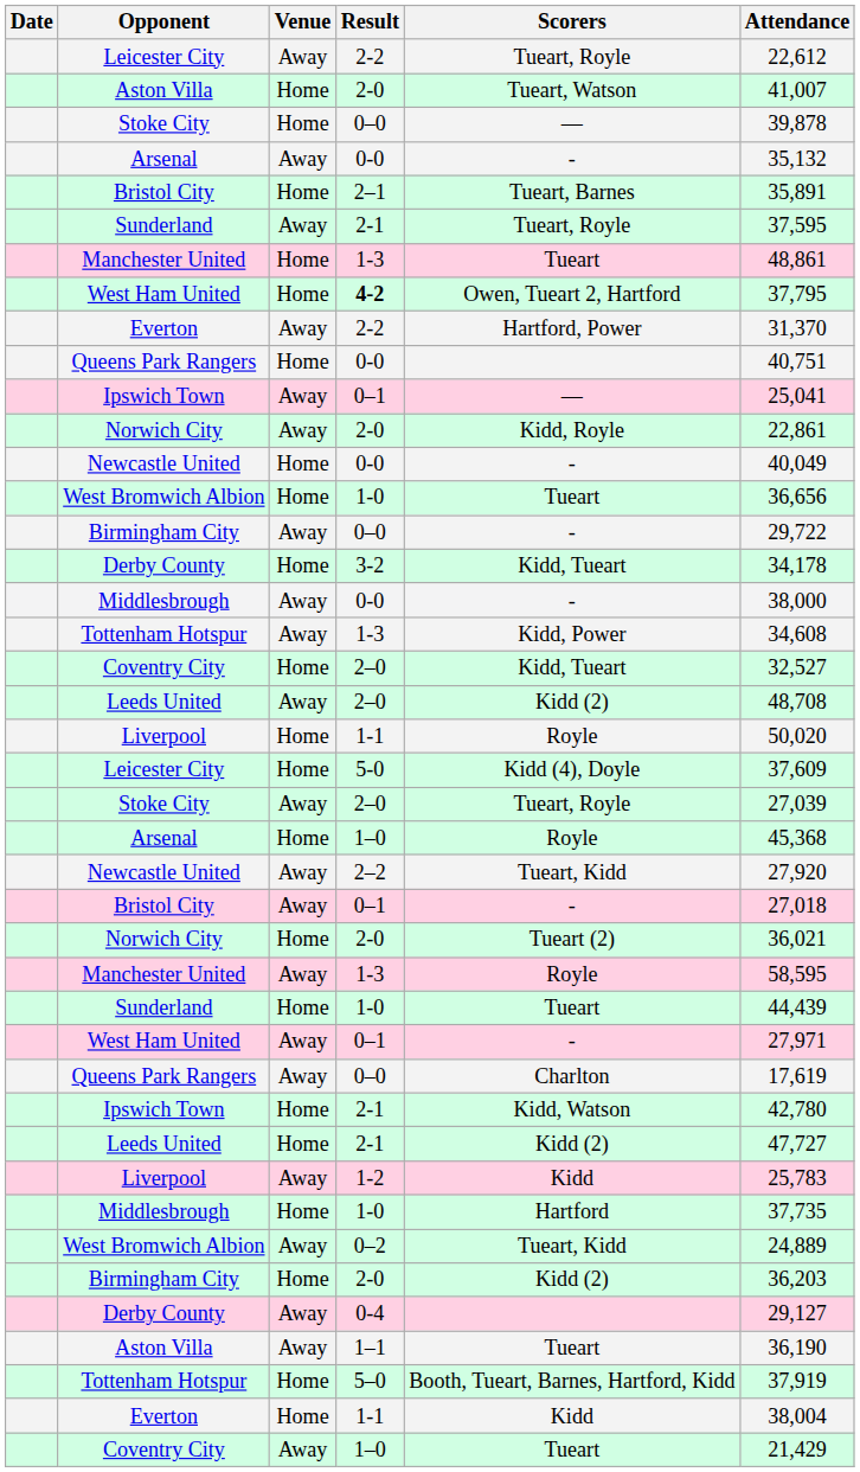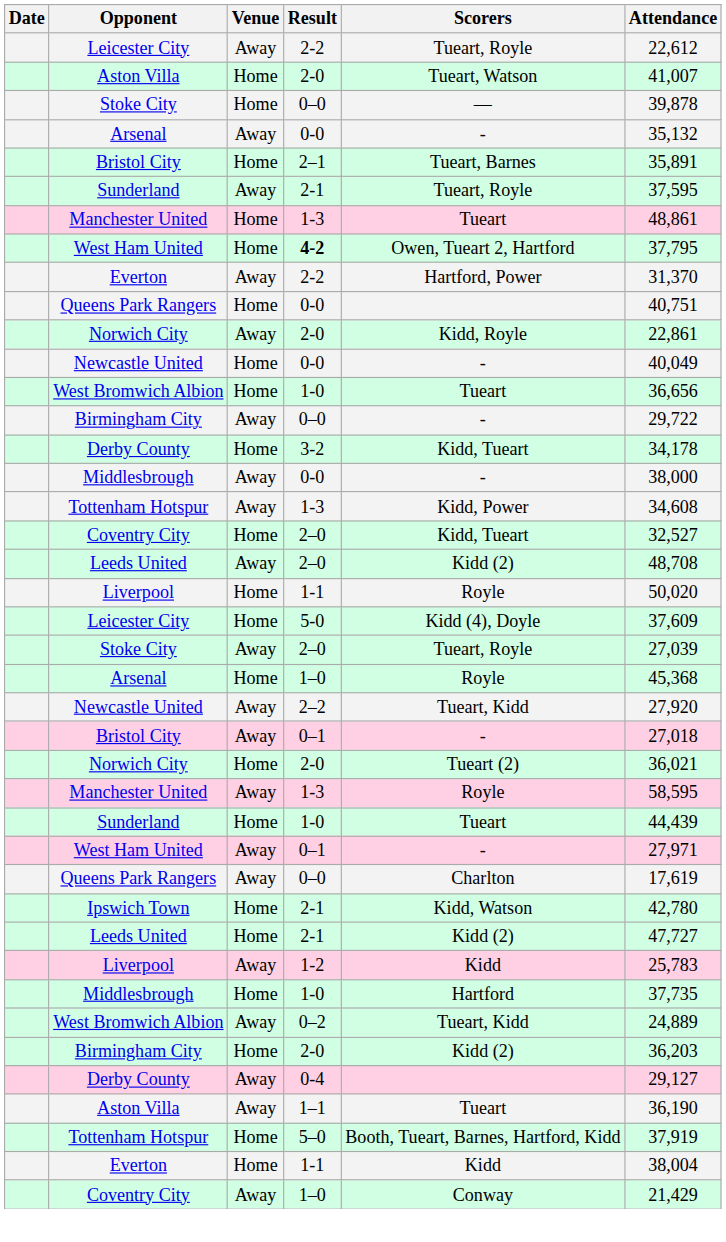 <table class="wikitable sortable" style="text-align:center;">
 <tr>
 <th>Date</th>
 <th>Opponent</th>
 <th>Venue</th>
 <th>Result</th>
 <th class=unsortable>Scorers</th>
 <th>Attendance</th>
 </tr>
 <tr bgcolor="#f3f3f3">
 <td></td>
 <td><a href='#'>Leicester City</a></td>
 <td>Away</td>
 <td>2-2</td>
 <td>Tueart, Royle</td>
 <td>22,612</td>
 </tr>
 <tr bgcolor="#d0ffe3">
 <td></td>
 <td><a href='#'>Aston Villa</a></td>
 <td>Home</td>
 <td>2-0</td>
 <td>Tueart, Watson</td>
 <td>41,007</td>
 </tr>
 <tr bgcolor="#f3f3f3">
 <td></td>
 <td><a href='#'>Stoke City</a></td>
 <td>Home</td>
 <td>0–0</td>
 <td>—</td>
 <td>39,878</td>
 </tr>
 <tr bgcolor="#f3f3f3">
 <td></td>
 <td><a href='#'>Arsenal</a></td>
 <td>Away</td>
 <td>0-0</td>
 <td>-</td>
 <td>35,132</td>
 </tr>
 <tr bgcolor="#d0ffe3">
 <td></td>
 <td><a href='#'>Bristol City</a></td>
 <td>Home</td>
 <td>2–1</td>
 <td>Tueart, Barnes</td>
 <td>35,891</td>
 </tr>
 <tr bgcolor="#d0ffe3">
 <td></td>
 <td><a href='#'>Sunderland</a></td>
 <td>Away</td>
 <td>2-1</td>
 <td>Tueart, Royle</td>
 <td>37,595</td>
 </tr>
 <tr bgcolor="#ffd0e3">
 <td></td>
 <td><a href='#'>Manchester United</a></td>
 <td>Home</td>
 <td>1-3</td>
 <td>Tueart</td>
 <td>48,861</td>
 </tr>
 <tr bgcolor="#d0ffe3">
 <td></td>
 <td><a href='#'>West Ham United</a></td>
 <td>Home</td>
 <td><strong>4-2</strong></td>
 <td>Owen, Tueart 2, Hartford</td>
 <td>37,795</td>
 </tr>
 <tr bgcolor="#f3f3f3">
 <td></td>
 <td><a href='#'>Everton</a></td>
 <td>Away</td>
 <td>2-2</td>
 <td>Hartford, Power</td>
 <td>31,370</td>
 </tr>
 <tr bgcolor="#f3f3f3">
 <td></td>
 <td><a href='#'>Queens Park Rangers</a></td>
 <td>Home</td>
 <td>0-0</td>
 <td></td>
 <td>40,751</td>
-</tr>
-<tr bgcolor="#ffd0e3">
-<td></td>
-<td><a href='#'>Ipswich Town</a></td>
-<td>Away</td>
-<td>0–1</td>
-<td>—</td>
-<td>25,041</td>
 </tr>
 <tr bgcolor="#d0ffe3">
 <td></td>
 <td><a href='#'>Norwich City</a></td>
 <td>Away</td>
 <td>2-0</td>
 <td>Kidd, Royle</td>
 <td>22,861</td>
 </tr>
 <tr bgcolor="#f3f3f3">
 <td></td>
 <td><a href='#'>Newcastle United</a></td>
 <td>Home</td>
 <td>0-0</td>
 <td>-</td>
 <td>40,049</td>
 </tr>
 <tr bgcolor="#d0ffe3">
 <td></td>
 <td><a href='#'>West Bromwich Albion</a></td>
 <td>Home</td>
 <td>1-0</td>
 <td>Tueart</td>
 <td>36,656</td>
 </tr>
 <tr bgcolor="#f3f3f3">
 <td></td>
 <td><a href='#'>Birmingham City</a></td>
 <td>Away</td>
 <td>0–0</td>
 <td>-</td>
 <td>29,722</td>
 </tr>
 <tr bgcolor="#d0ffe3">
 <td></td>
 <td><a href='#'>Derby County</a></td>
 <td>Home</td>
 <td>3-2</td>
 <td>Kidd, Tueart</td>
 <td>34,178</td>
 </tr>
 <tr bgcolor="#f3f3f4">
 <td></td>
 <td><a href='#'>Middlesbrough</a></td>
 <td>Away</td>
 <td>0-0</td>
 <td>-</td>
 <td>38,000</td>
 </tr>
 <tr bgcolor="#f3f3f3">
 <td></td>
 <td><a href='#'>Tottenham Hotspur</a></td>
 <td>Away</td>
 <td>1-3</td>
 <td>Kidd, Power</td>
 <td>34,608</td>
 </tr>
 <tr bgcolor="#d0ffe3">
 <td></td>
 <td><a href='#'>Coventry City</a></td>
 <td>Home</td>
 <td>2–0</td>
 <td>Kidd, Tueart</td>
 <td>32,527</td>
 </tr>
 <tr bgcolor="#d0ffe3">
 <td></td>
 <td><a href='#'>Leeds United</a></td>
 <td>Away</td>
 <td>2–0</td>
 <td>Kidd (2)</td>
 <td>48,708</td>
 </tr>
 <tr bgcolor="#f3f3f3">
 <td></td>
 <td><a href='#'>Liverpool</a></td>
 <td>Home</td>
 <td>1-1</td>
 <td>Royle</td>
 <td>50,020</td>
 </tr>
 <tr bgcolor="#d0ffe3">
 <td></td>
 <td><a href='#'>Leicester City</a></td>
 <td>Home</td>
 <td>5-0</td>
 <td>Kidd (4), Doyle</td>
 <td>37,609</td>
 </tr>
 <tr bgcolor="#d0ffe3">
 <td></td>
 <td><a href='#'>Stoke City</a></td>
 <td>Away</td>
 <td>2–0</td>
 <td>Tueart, Royle</td>
 <td>27,039</td>
 </tr>
 <tr bgcolor="#d0ffe3">
 <td></td>
 <td><a href='#'>Arsenal</a></td>
 <td>Home</td>
 <td>1–0</td>
 <td>Royle</td>
 <td>45,368</td>
 </tr>
 <tr bgcolor="#f3f3f3">
 <td></td>
 <td><a href='#'>Newcastle United</a></td>
 <td>Away</td>
 <td>2–2</td>
 <td>Tueart, Kidd</td>
 <td>27,920</td>
 </tr>
 <tr bgcolor="#ffd0e3">
 <td></td>
 <td><a href='#'>Bristol City</a></td>
 <td>Away</td>
 <td>0–1</td>
 <td>-</td>
 <td>27,018</td>
 </tr>
 <tr bgcolor="#d0ffe3">
 <td></td>
 <td><a href='#'>Norwich City</a></td>
 <td>Home</td>
 <td>2-0</td>
 <td>Tueart (2)</td>
 <td>36,021</td>
 </tr>
 <tr bgcolor="#ffd0e3">
 <td></td>
 <td><a href='#'>Manchester United</a></td>
 <td>Away</td>
 <td>1-3</td>
 <td>Royle</td>
 <td>58,595</td>
 </tr>
 <tr bgcolor="#d0ffe3">
 <td></td>
 <td><a href='#'>Sunderland</a></td>
 <td>Home</td>
 <td>1-0</td>
 <td>Tueart</td>
 <td>44,439</td>
 </tr>
 <tr bgcolor="#ffd0e3">
 <td></td>
 <td><a href='#'>West Ham United</a></td>
 <td>Away</td>
 <td>0–1</td>
 <td>-</td>
 <td>27,971</td>
 </tr>
 <tr bgcolor="#f3f3f3">
 <td></td>
 <td><a href='#'>Queens Park Rangers</a></td>
 <td>Away</td>
 <td>0–0</td>
 <td>Charlton</td>
 <td>17,619</td>
 </tr>
 <tr bgcolor="#d0ffe3">
 <td></td>
 <td><a href='#'>Ipswich Town</a></td>
 <td>Home</td>
 <td>2-1</td>
 <td>Kidd, Watson</td>
 <td>42,780</td>
 </tr>
 <tr bgcolor="#d0ffe3">
 <td></td>
 <td><a href='#'>Leeds United</a></td>
 <td>Home</td>
 <td>2-1</td>
 <td>Kidd (2)</td>
 <td>47,727</td>
 </tr>
 <tr bgcolor="#ffd0e3">
 <td></td>
 <td><a href='#'>Liverpool</a></td>
 <td>Away</td>
 <td>1-2</td>
 <td>Kidd</td>
 <td>25,783</td>
 </tr>
 <tr bgcolor="#d0ffe3">
 <td></td>
 <td><a href='#'>Middlesbrough</a></td>
 <td>Home</td>
 <td>1-0</td>
 <td>Hartford</td>
 <td>37,735</td>
 </tr>
 <tr bgcolor="#d0ffe3">
 <td></td>
 <td><a href='#'>West Bromwich Albion</a></td>
 <td>Away</td>
 <td>0–2</td>
 <td>Tueart, Kidd</td>
 <td>24,889</td>
 </tr>
 <tr bgcolor="#d0ffe3">
 <td></td>
 <td><a href='#'>Birmingham City</a></td>
 <td>Home</td>
 <td>2-0</td>
 <td>Kidd (2)</td>
 <td>36,203</td>
 </tr>
 <tr bgcolor="#ffd0e3">
 <td></td>
 <td><a href='#'>Derby County</a></td>
 <td>Away</td>
 <td>0-4</td>
 <td></td>
 <td>29,127</td>
 </tr>
 <tr bgcolor="#f3f3f3">
 <td></td>
 <td><a href='#'>Aston Villa</a></td>
 <td>Away</td>
 <td>1–1</td>
 <td>Tueart</td>
 <td>36,190</td>
 </tr>
 <tr bgcolor="#d0ffe3">
 <td></td>
 <td><a href='#'>Tottenham Hotspur</a></td>
 <td>Home</td>
 <td>5–0</td>
 <td>Booth, Tueart, Barnes, Hartford, Kidd</td>
 <td>37,919</td>
 </tr>
 <tr bgcolor="#f3f3f3">
 <td></td>
 <td><a href='#'>Everton</a></td>
 <td>Home</td>
 <td>1-1</td>
 <td>Kidd</td>
 <td>38,004</td>
 </tr>
 <tr bgcolor="#d0ffe3">
 <td></td>
 <td><a href='#'>Coventry City</a></td>
 <td>Away</td>
 <td>1–0</td>
-<td>Tueart</td>
+<td>Conway</td>
 <td>21,429</td>
 </tr>
 </table>
